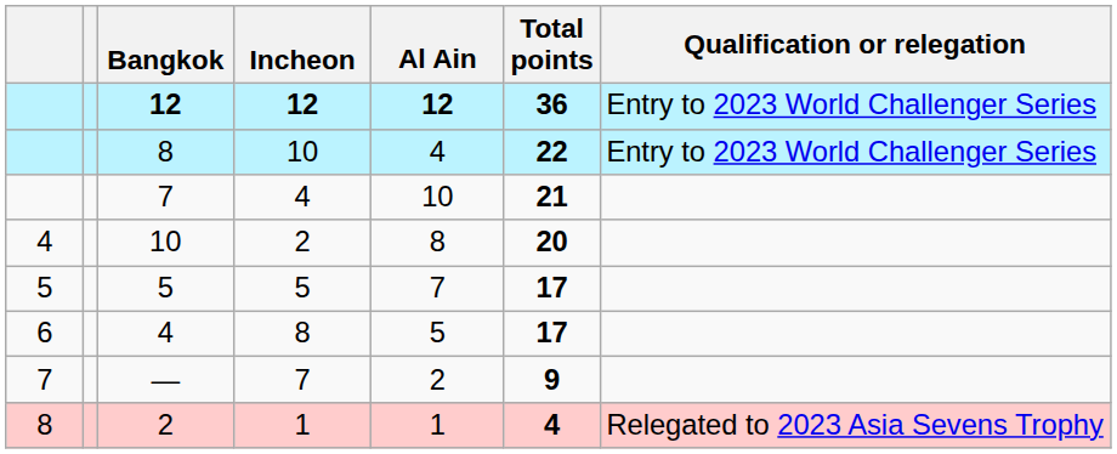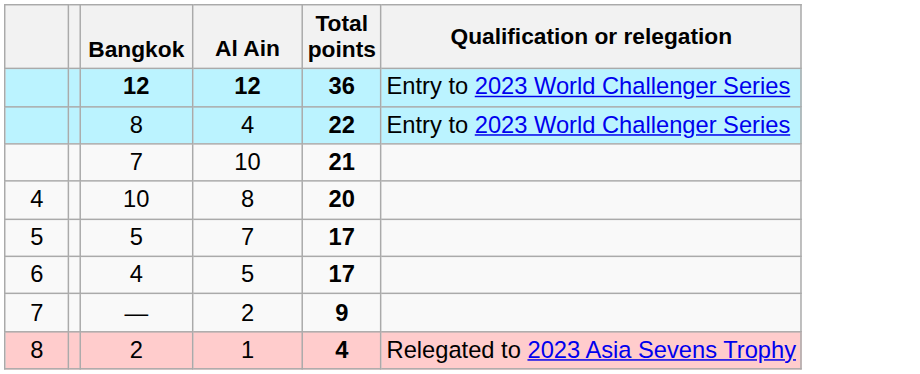 <table class="wikitable" style="text-align:center; margin-right:1px;">
 <tr style="font-size:96%;">
 <th style="width:2.5em; padding:2px;"></th>
 <th></th>
 <th style="width:4.5em; vertical-align:top;"><br>Bangkok</th>
-<th style="width:4.5em; vertical-align:top;"><br>Incheon</th>
 <th style="width:4.5em; vertical-align:top; padding:2px;"><br>Al Ain</th>
 <th style="width:3.0em;">Total points</th>
 <th>Qualification or relegation</th>
 </tr>
 <tr style="background:#BBF3FF;">
 <td></td>
 <td align=left></td>
 <td><strong>12</strong></td>
 <td><strong>12</strong></td>
-<td><strong>12</strong></td>
 <td><strong>36</strong></td>
 <td align=left>Entry to <a href='#'>2023 World Challenger Series</a></td>
 </tr>
 <tr style="background:#BBF3FF;">
 <td></td>
 <td align=left></td>
 <td>8</td>
-<td>10</td>
 <td>4</td>
 <td><strong>22</strong></td>
 <td align=left>Entry to <a href='#'>2023 World Challenger Series</a></td>
 </tr>
 <tr>
 <td></td>
 <td align=left></td>
 <td>7</td>
-<td>4</td>
 <td>10</td>
 <td><strong>21</strong></td>
 <td align=left></td>
 </tr>
 <tr>
 <td>4</td>
 <td align=left></td>
 <td>10</td>
-<td>2</td>
 <td>8</td>
 <td><strong>20</strong></td>
 <td align=left></td>
 </tr>
 <tr>
 <td>5</td>
 <td align=left></td>
-<td>5</td>
 <td>5</td>
 <td>7</td>
 <td><strong>17</strong></td>
 <td align=left></td>
 </tr>
 <tr>
 <td>6</td>
 <td align=left></td>
 <td>4</td>
-<td>8</td>
 <td>5</td>
 <td><strong>17</strong></td>
 <td align=left></td>
 </tr>
 <tr>
 <td>7</td>
 <td align=left></td>
 <td>—</td>
-<td>7</td>
 <td>2</td>
 <td><strong>9</strong></td>
 <td align=left></td>
 </tr>
 <tr bgcolor=ffcccc>
 <td>8</td>
 <td align=left></td>
 <td>2</td>
 <td>1</td>
-<td>1</td>
 <td><strong>4</strong></td>
 <td align=left>Relegated to <a href='#'>2023 Asia Sevens Trophy</a></td>
 </tr>
 </table>
